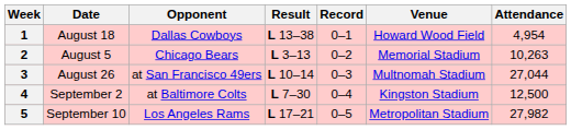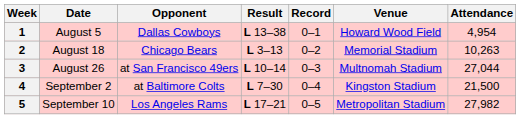 <table class="wikitable" style="text-align:center">
 <tr>
 <th>Week</th>
 <th>Date</th>
 <th>Opponent</th>
 <th>Result</th>
 <th>Record</th>
 <th>Venue</th>
 <th>Attendance</th>
 </tr>
 <tr style="background:#fcc">
 <th>1</th>
-<td>August 18</td>
+<td>August 5</td>
 <td><a href='#'>Dallas Cowboys</a></td>
 <td><strong>L</strong> 13–38</td>
 <td>0–1</td>
 <td><a href='#'>Howard Wood Field</a> </td>
 <td>4,954</td>
 </tr>
 <tr style="background:#fcc">
 <th>2</th>
-<td>August 5</td>
+<td>August 18</td>
 <td><a href='#'>Chicago Bears</a></td>
 <td><strong>L</strong> 3–13</td>
 <td>0–2</td>
 <td><a href='#'>Memorial Stadium</a></td>
 <td>10,263</td>
 </tr>
 <tr style="background:#fcc">
 <th>3</th>
 <td>August 26</td>
 <td>at <a href='#'>San Francisco 49ers</a></td>
 <td><strong>L</strong> 10–14</td>
 <td>0–3</td>
 <td><a href='#'>Multnomah Stadium</a> </td>
 <td>27,044</td>
 </tr>
 <tr style="background:#fcc">
 <th>4</th>
 <td>September 2</td>
 <td>at <a href='#'>Baltimore Colts</a></td>
 <td><strong>L</strong> 7–30</td>
 <td>0–4</td>
 <td><a href='#'>Kingston Stadium</a> </td>
-<td>12,500</td>
+<td>21,500</td>
 </tr>
 <tr style="background:#fcc">
 <th>5</th>
 <td>September 10</td>
 <td><a href='#'>Los Angeles Rams</a></td>
 <td><strong>L</strong> 17–21</td>
 <td>0–5</td>
 <td><a href='#'>Metropolitan Stadium</a></td>
 <td>27,982</td>
 </tr>
 </table>
